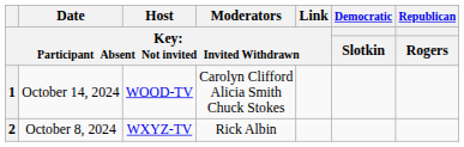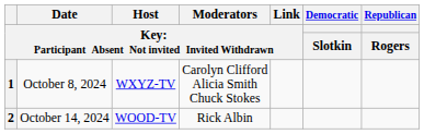 <table class="wikitable" style="text-align:center;">
 <tr>
 <th scope="col"></th>
 <th scope="col">Date</th>
 <th scope="col">Host</th>
 <th scope="col">Moderators</th>
 <th scope="col">Link</th>
 <th scope="col"><small><a href='#'>Democratic</a></small></th>
 <th scope="col"><small><a href='#'>Republican</a></small></th>
 </tr>
 <tr>
 <th colspan="5" rowspan="2">Key:<br> <small>Participant </small>  <small>Absent </small>  <small>Not invited </small>  <small>Invited  Withdrawn</small></th>
 <th scope="col" style="background:"></th>
 <th scope="col" style="background:"></th>
 </tr>
 <tr>
 <th scope="col">Slotkin</th>
 <th scope="col">Rogers</th>
 </tr>
 <tr>
 <th>1</th>
-<td style="white-space:nowrap;">October 14, 2024</td>
-<td style="white-space:nowrap;"><a href='#'>WOOD-TV</a></td>
+<td style="white-space:nowrap;">October 8, 2024</td>
+<td style="white-space:nowrap;"><a href='#'>WXYZ-TV</a></td>
 <td style="white-space:nowrap;">Carolyn Clifford<br>Alicia Smith<br> Chuck Stokes</td>
 <td style="white-space:nowrap;"></td>
 <td></td>
 <td></td>
 </tr>
 <tr>
 <th>2</th>
-<td style="white-space:nowrap;">October 8, 2024</td>
-<td style="white-space:nowrap;"><a href='#'>WXYZ-TV</a></td>
+<td style="white-space:nowrap;">October 14, 2024</td>
+<td style="white-space:nowrap;"><a href='#'>WOOD-TV</a></td>
 <td style="white-space:nowrap;">Rick Albin</td>
 <td style="white-space:nowrap;"></td>
 <td></td>
 <td></td>
 </tr>
 </table>
